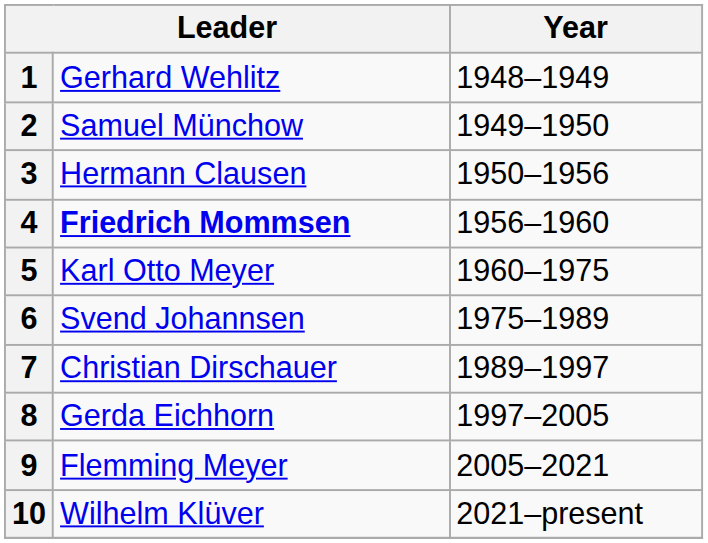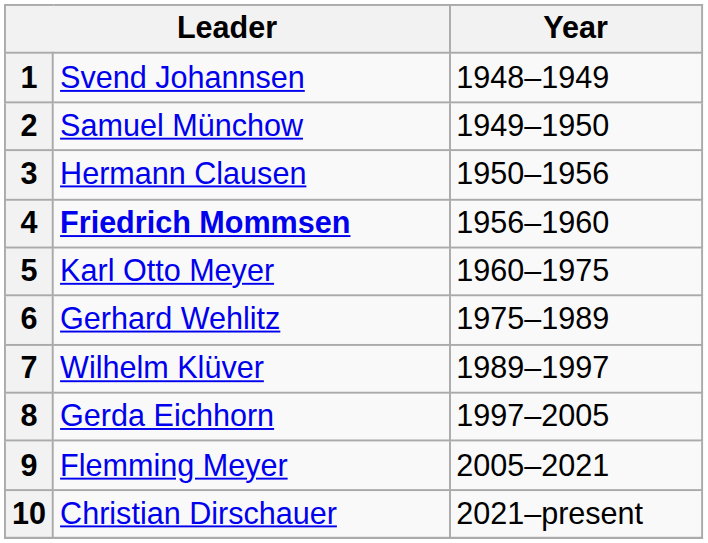 <table class="wikitable">
 <tr>
 <th colspan=2>Leader</th>
 <th>Year</th>
 </tr>
 <tr>
 <th style="background:">1</th>
-<td style="width:200px;"><a href='#'>Gerhard Wehlitz</a></td>
+<td style="width:200px;"><a href='#'>Svend Johannsen</a></td>
 <td style="width:125px;">1948–1949</td>
 </tr>
 <tr>
 <th style="background:">2</th>
 <td style="width:200px;"><a href='#'>Samuel Münchow</a></td>
 <td style="width:125px;">1949–1950</td>
 </tr>
 <tr>
 <th style="background:">3</th>
 <td style="width:200px;"><a href='#'>Hermann Clausen</a></td>
 <td style="width:125px;">1950–1956</td>
 </tr>
 <tr>
 <th style="background:">4</th>
 <td style="width:200px;"><strong><a href='#'>Friedrich Mommsen</a></strong></td>
 <td style="width:125px;">1956–1960</td>
 </tr>
 <tr>
 <th style="background:">5</th>
 <td style="width:200px;"><a href='#'>Karl Otto Meyer</a></td>
 <td style="width:125px;">1960–1975</td>
 </tr>
 <tr>
 <th style="background:">6</th>
-<td style="width:200px;"><a href='#'>Svend Johannsen</a></td>
+<td style="width:200px;"><a href='#'>Gerhard Wehlitz</a></td>
 <td style="width:125px;">1975–1989</td>
 </tr>
 <tr>
 <th style="background:">7</th>
-<td style="width:200px;"><a href='#'>Christian Dirschauer</a></td>
+<td style="width:200px;"><a href='#'>Wilhelm Klüver</a></td>
 <td style="width:125px;">1989–1997</td>
 </tr>
 <tr>
 <th style="background:">8</th>
 <td style="width:200px;"><a href='#'>Gerda Eichhorn</a></td>
 <td style="width:125px;">1997–2005</td>
 </tr>
 <tr>
 <th style="background:">9</th>
 <td style="width:200px;"><a href='#'>Flemming Meyer</a></td>
 <td style="width:125px;">2005–2021</td>
 </tr>
 <tr>
 <th style="background:">10</th>
-<td style="width:200px;"><a href='#'>Wilhelm Klüver</a></td>
+<td style="width:200px;"><a href='#'>Christian Dirschauer</a></td>
 <td style="width:125px;">2021–present</td>
 </tr>
 <tr>
 </tr>
 </table>
